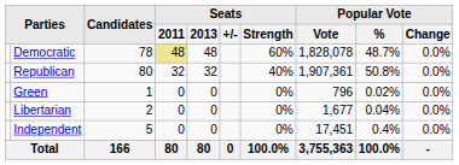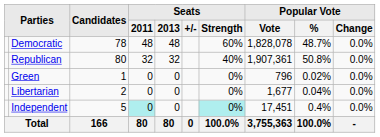 <table class=wikitable>
 <tr>
 <th style="background-color:#E9E9E9" align=center rowspan= 2 colspan=2>Parties</th>
 <th style="background-color:#E9E9E9" align=center rowspan= 2>Candidates</th>
 <th style="background-color:#E9E9E9" align=center colspan=4>Seats</th>
 <th style="background-color:#E9E9E9" align=center colspan=3>Popular Vote</th>
 </tr>
 <tr>
 <th align=center>2011</th>
 <th align=center>2013</th>
 <th align=center>+/-</th>
 <th align=center>Strength</th>
 <th align=center>Vote</th>
 <th align=center>%</th>
 <th align=center>Change</th>
 </tr>
 <tr>
 <td></td>
 <td align=left><a href='#'>Democratic</a></td>
 <td align=right>78</td>
-<td align=right  style="background: khaki;">48</td>
+<td align=right >48</td>
 <td align=right >48</td>
 <td align=right></td>
 <td align=right >60%</td>
 <td align=right >1,828,078</td>
 <td align=right >48.7%</td>
 <td align=right>0.0%</td>
 </tr>
 <tr>
 <td></td>
 <td align=left><a href='#'>Republican</a></td>
 <td align=right>80</td>
 <td align=right>32</td>
 <td align=right>32</td>
 <td align=right></td>
 <td align=right>40%</td>
 <td align=right>1,907,361</td>
 <td align=right>50.8%</td>
 <td align=right>0.0%</td>
 </tr>
 <tr>
 <td></td>
 <td><a href='#'>Green</a></td>
 <td align=right>1</td>
 <td align=right>0</td>
 <td align=right>0</td>
 <td align=right></td>
 <td align=right>0%</td>
 <td align=right>796</td>
 <td align=right>0.02%</td>
 <td align=right>0.0%</td>
 </tr>
 <tr>
 <td></td>
 <td><a href='#'>Libertarian</a></td>
 <td align=right>2</td>
 <td align=right>0</td>
 <td align=right>0</td>
 <td align=right></td>
 <td align=right>0%</td>
 <td align=right>1,677</td>
 <td align=right>0.04%</td>
 <td align=right>0.0%</td>
 </tr>
 <tr>
 <td></td>
 <td><a href='#'>Independent</a></td>
 <td align=right>5</td>
-<td align=right>0</td>
+<td align=right style="background: paleturquoise;">0</td>
 <td align=right>0</td>
 <td align=right></td>
-<td align=right>0%</td>
+<td align=right style="background: paleturquoise;">0%</td>
 <td align=right>17,451</td>
 <td align=right>0.4%</td>
 <td align=right>0.0%</td>
 </tr>
 <tr>
 <th align=center colspan="2">Total</th>
 <th align=center>166</th>
 <th align=center>80</th>
 <th align=center>80</th>
 <th align=center>0</th>
 <th align=center>100.0%</th>
 <th align=center>3,755,363</th>
 <th align=center>100.0%</th>
 <th align=center>-</th>
 </tr>
 </table>
